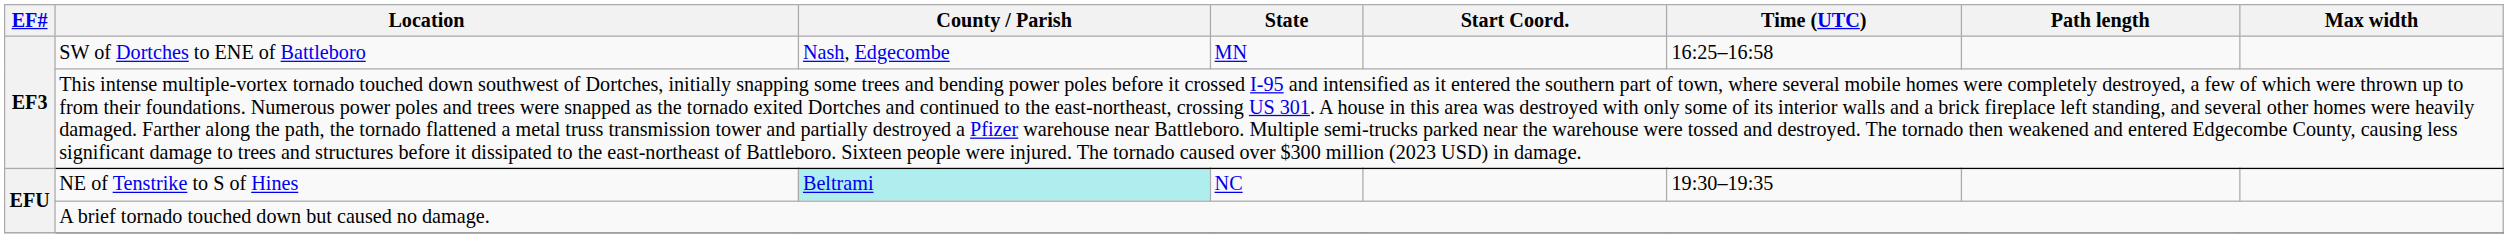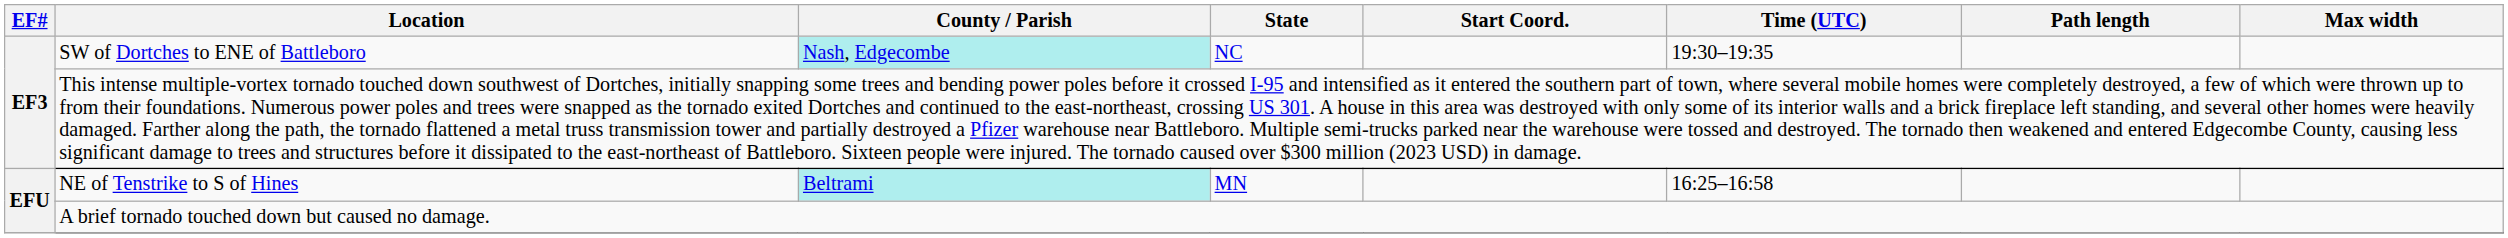 <table class="wikitable sortable" style="width:100%;">
 <tr>
 <th scope="col" width="2%" align="center"><a href='#'>EF#</a></th>
 <th scope="col" align="center" class="unsortable">Location</th>
 <th scope="col" align="center" class="unsortable">County / Parish</th>
 <th scope="col" align="center">State</th>
 <th scope="col" align="center">Start Coord.</th>
 <th scope="col" align="center">Time (<a href='#'>UTC</a>)</th>
 <th scope="col" align="center">Path length</th>
 <th scope="col" align="center">Max width</th>
 </tr>
 <tr>
 <th scope="row" rowspan="2" style="background-color:#">EF3</th>
 <td>SW of <a href='#'>Dortches</a> to ENE of <a href='#'>Battleboro</a></td>
-<td><a href='#'>Nash</a>, <a href='#'>Edgecombe</a></td>
-<td><a href='#'>MN</a></td>
+<td style="background: paleturquoise;"><a href='#'>Nash</a>, <a href='#'>Edgecombe</a></td>
+<td><a href='#'>NC</a></td>
 <td></td>
-<td>16:25–16:58</td>
+<td>19:30–19:35</td>
 <td></td>
 <td></td>
 </tr>
 <tr class="expand-child">
 <td colspan="8" style=" border-bottom: 1px solid black;">This intense multiple-vortex tornado touched down southwest of Dortches, initially snapping some trees and bending power poles before it crossed <a href='#'>I-95</a> and intensified as it entered the southern part of town, where several mobile homes were completely destroyed, a few of which were thrown up to  from their foundations. Numerous power poles and trees were snapped as the tornado exited Dortches and continued to the east-northeast, crossing <a href='#'>US 301</a>. A house in this area was destroyed with only some of its interior walls and a brick fireplace left standing, and several other homes were heavily damaged. Farther along the path, the tornado flattened a metal truss transmission tower and partially destroyed a <a href='#'>Pfizer</a> warehouse near Battleboro. Multiple semi-trucks parked near the warehouse were tossed and destroyed. The tornado then weakened and entered Edgecombe County, causing less significant damage to trees and structures before it dissipated to the east-northeast of Battleboro. Sixteen people were injured. The tornado caused over $300 million (2023 USD) in damage.</td>
 </tr>
 <tr>
 <th scope="row" rowspan="2" style="background-color:#">EFU</th>
 <td>NE of <a href='#'>Tenstrike</a> to S of <a href='#'>Hines</a></td>
 <td style="background: paleturquoise;"><a href='#'>Beltrami</a></td>
-<td><a href='#'>NC</a></td>
+<td><a href='#'>MN</a></td>
 <td></td>
-<td>19:30–19:35</td>
+<td>16:25–16:58</td>
 <td></td>
 <td></td>
 </tr>
 <tr class="expand-child">
 <td colspan="8" style=" border-bottom: 1px solid black;">A brief tornado touched down but caused no damage.</td>
 </tr>
 <tr>
 </tr>
 </table>
